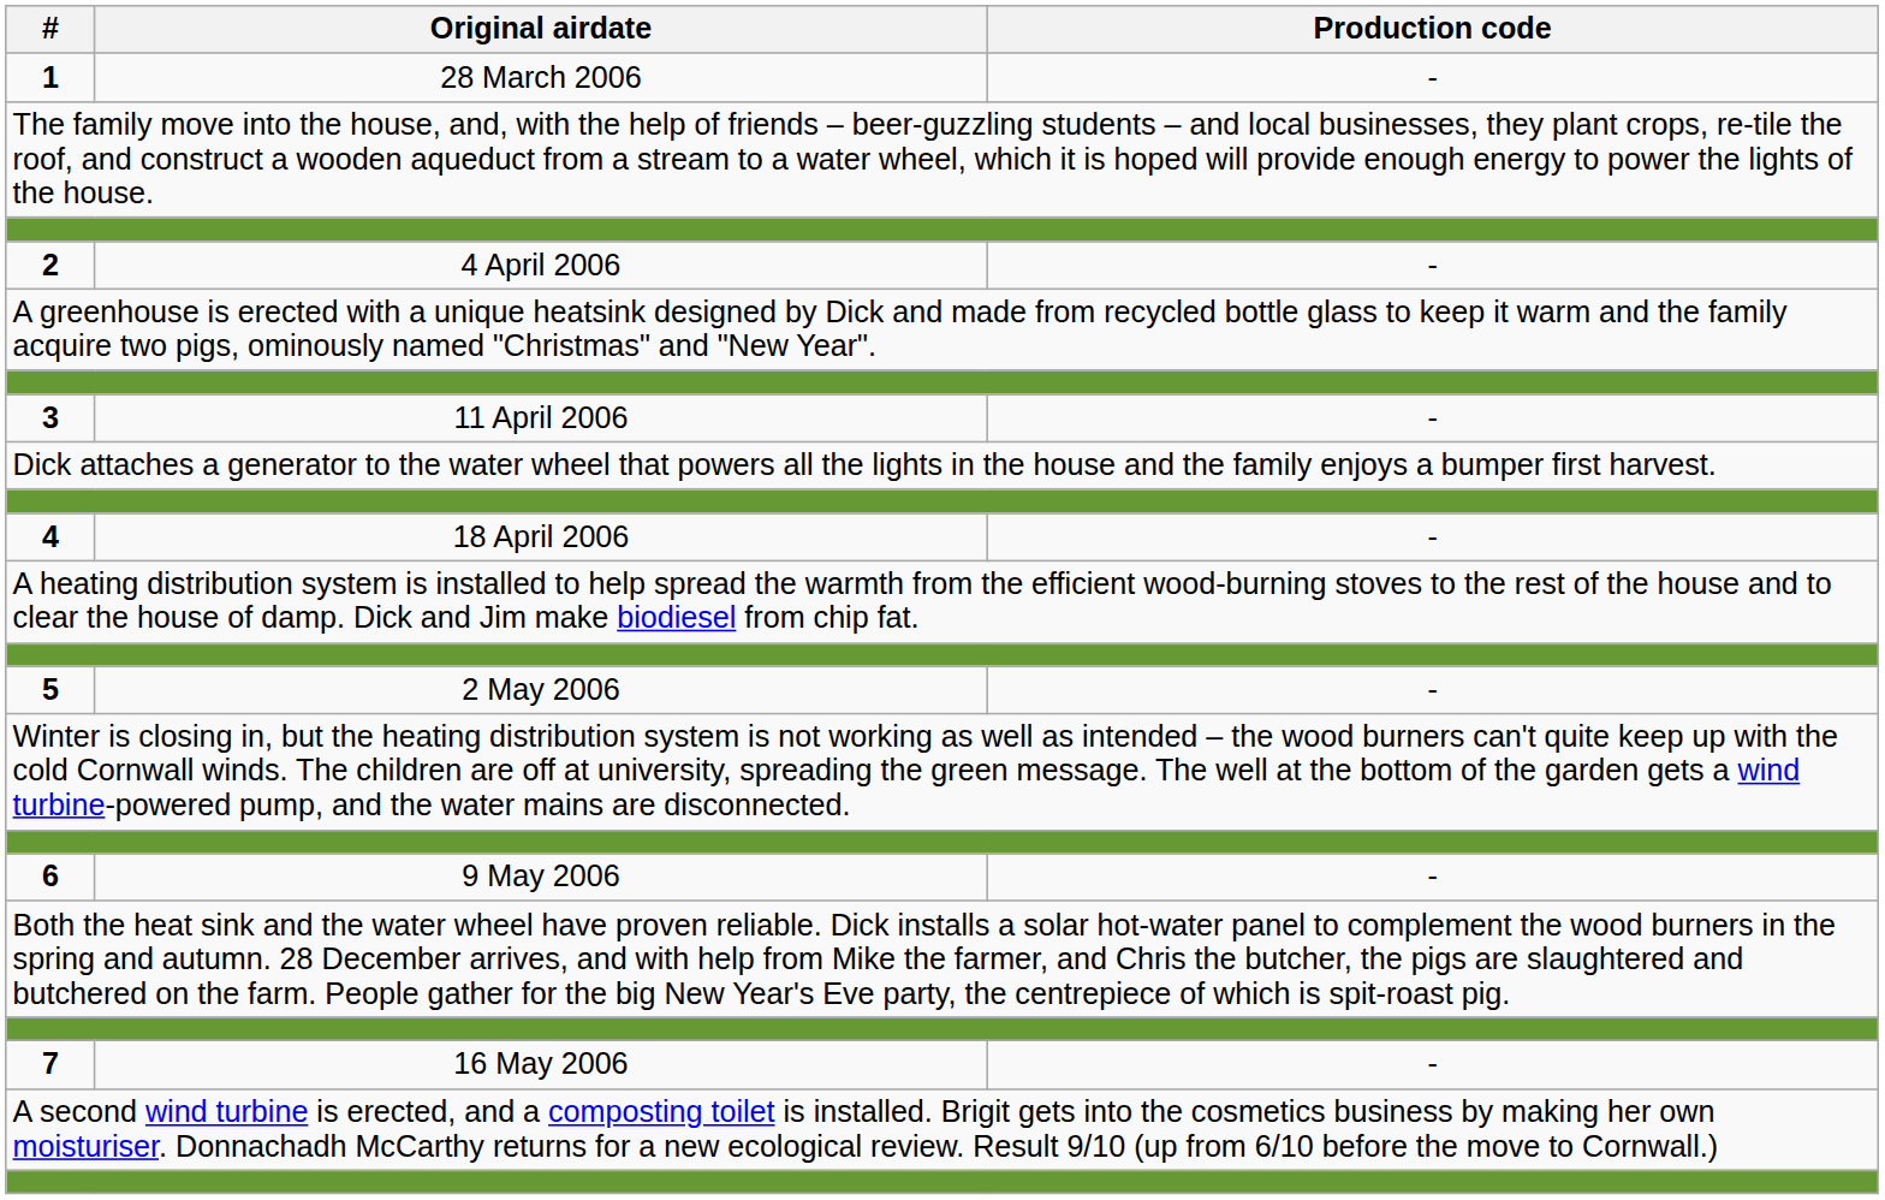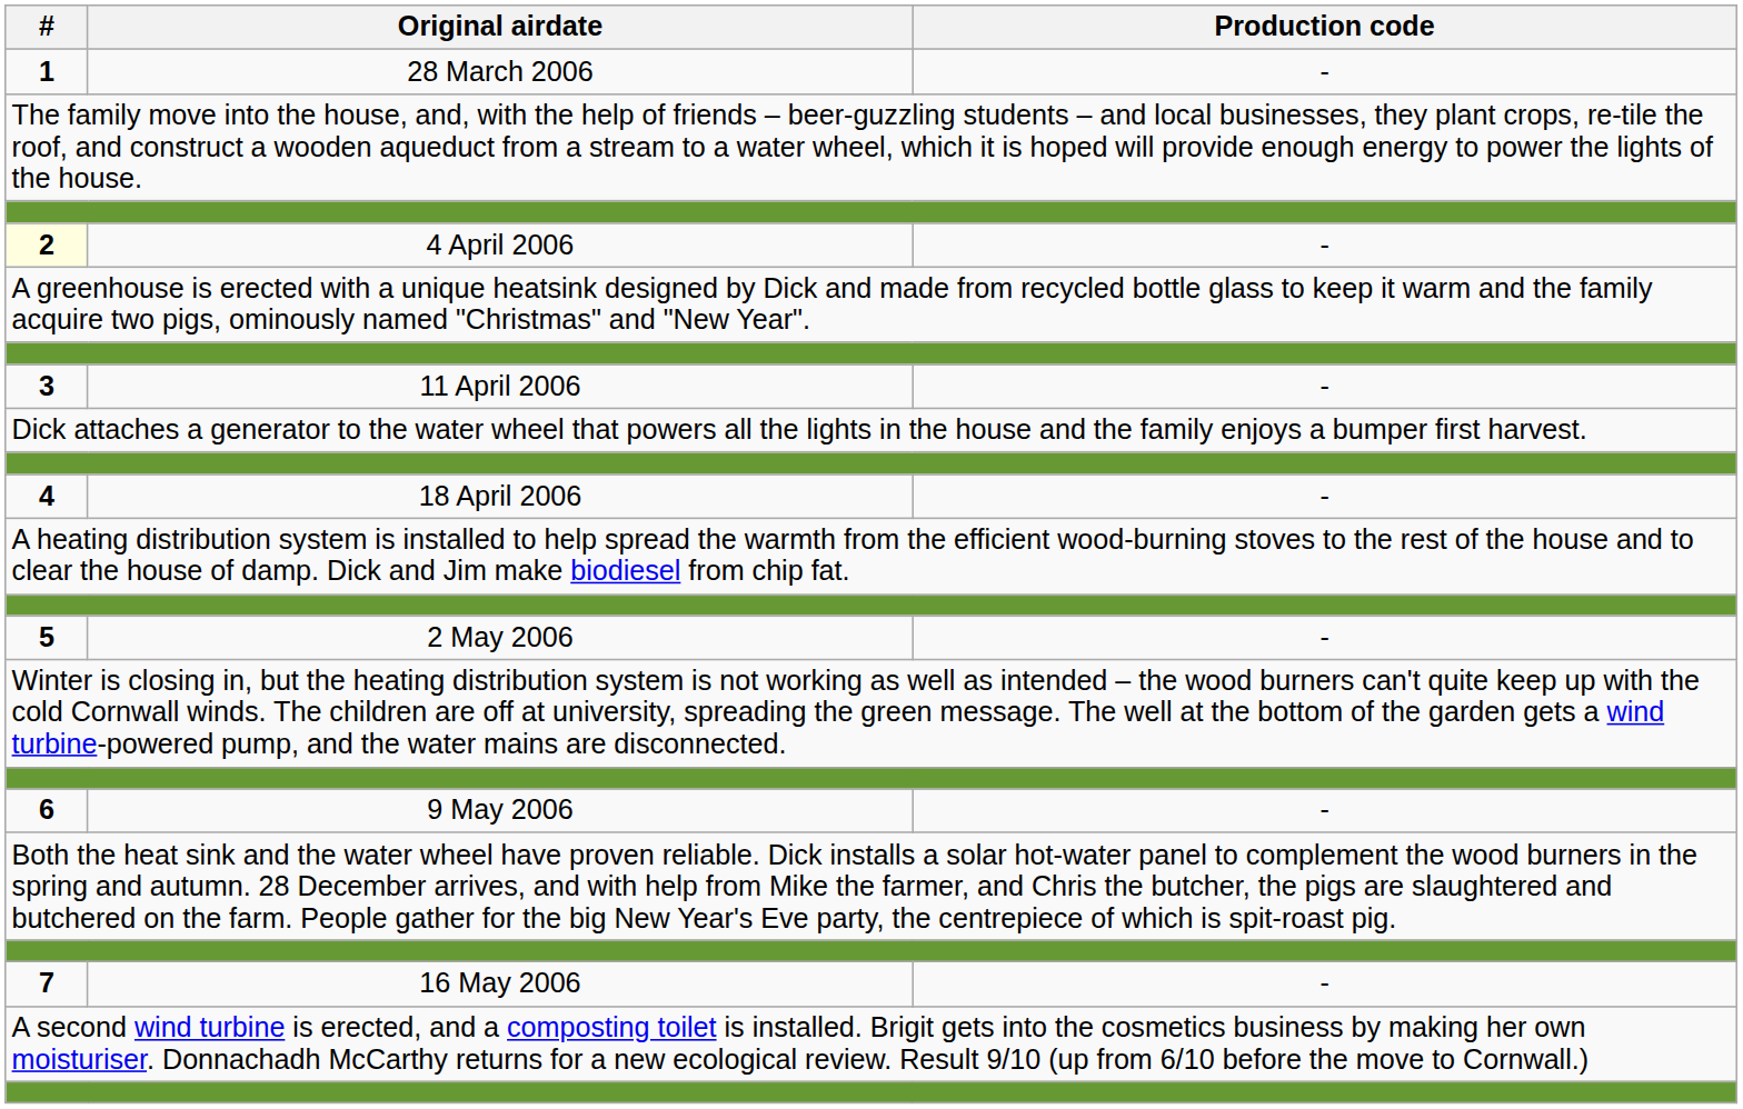 <table class="wikitable">
 <tr>
 <th width="40">#</th>
 <th width="465">Original airdate</th>
 <th width="465">Production code</th>
 </tr>
 <tr>
 <td align="center"><strong> 1 </strong></td>
 <td align="center">28 March 2006</td>
 <td align="center">-</td>
 </tr>
 <tr>
 <td colspan="5">The family move into the house, and, with the help of friends – beer-guzzling students – and local businesses, they plant crops, re-tile the roof, and construct a wooden aqueduct from a stream to a water wheel, which it is hoped will provide enough energy to power the lights of the house.</td>
 </tr>
 <tr>
 <td colspan="6" height="5" bgcolor="#669933"></td>
 </tr>
 <tr>
-<td align="center"><strong> 2 </strong></td>
+<td align="center" style="background: lightyellow;"><strong> 2 </strong></td>
 <td align="center">4 April 2006</td>
 <td align="center">-</td>
 </tr>
 <tr>
 <td colspan="4">A greenhouse is erected with a unique heatsink designed by Dick and made from recycled bottle glass to keep it warm and the family acquire two pigs, ominously named "Christmas" and "New Year".</td>
 </tr>
 <tr>
 <td colspan="6" height="5" bgcolor="#669933"></td>
 </tr>
 <tr>
 <td align="center"><strong> 3 </strong></td>
 <td align="center">11 April 2006</td>
 <td align="center">-</td>
 </tr>
 <tr>
 <td colspan="4">Dick attaches a generator to the water wheel that powers all the lights in the house and the family enjoys a bumper first harvest.</td>
 </tr>
 <tr>
 <td colspan="6" height="5" bgcolor="#669933"></td>
 </tr>
 <tr>
 <td align="center"><strong> 4 </strong></td>
 <td align="center">18 April 2006</td>
 <td align="center">-</td>
 </tr>
 <tr>
 <td colspan="4">A heating distribution system is installed to help spread the warmth from the efficient wood-burning stoves to the rest of the house and to clear the house of damp. Dick and Jim make <a href='#'>biodiesel</a> from chip fat.</td>
 </tr>
 <tr>
 <td colspan="6" height="5" bgcolor="#669933"></td>
 </tr>
 <tr>
 <td align="center"><strong> 5 </strong></td>
 <td align="center">2 May 2006</td>
 <td align="center">-</td>
 </tr>
 <tr>
 <td colspan="4">Winter is closing in, but the heating distribution system is not working as well as intended – the wood burners can't quite keep up with the cold Cornwall winds. The children are off at university, spreading the green message. The well at the bottom of the garden gets a <a href='#'>wind turbine</a>-powered pump, and the water mains are disconnected.</td>
 </tr>
 <tr>
 <td colspan="6" height="5" bgcolor="#669933"></td>
 </tr>
 <tr>
 <td align="center"><strong> 6 </strong></td>
 <td align="center">9 May 2006</td>
 <td align="center">-</td>
 </tr>
 <tr>
 <td colspan="4">Both the heat sink and the water wheel have proven reliable. Dick installs a solar hot-water panel to complement the wood burners in the spring and autumn. 28 December arrives, and with help from Mike the farmer, and Chris the butcher, the pigs are slaughtered and butchered on the farm. People gather for the big New Year's Eve party, the centrepiece of which is spit-roast pig.</td>
 </tr>
 <tr>
 <td colspan="6" height="5" bgcolor="#669933"></td>
 </tr>
 <tr>
 <td align="center"><strong> 7 </strong></td>
 <td align="center">16 May 2006</td>
 <td align="center">-</td>
 </tr>
 <tr>
 <td colspan="4">A second <a href='#'>wind turbine</a> is erected, and a <a href='#'>composting toilet</a> is installed. Brigit gets into the cosmetics business by making her own <a href='#'>moisturiser</a>. Donnachadh McCarthy returns for a new ecological review. Result 9/10 (up from 6/10 before the move to Cornwall.)</td>
 </tr>
 <tr>
 <td colspan="6" height="5" bgcolor="#669933"></td>
 </tr>
 </table>
